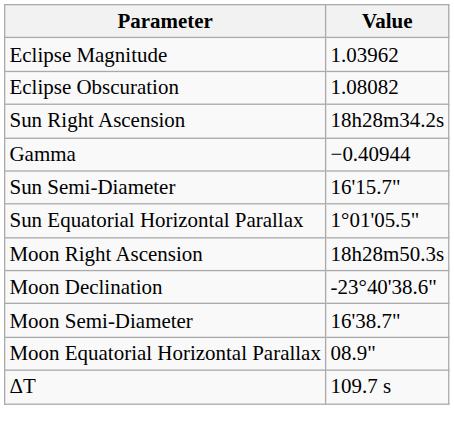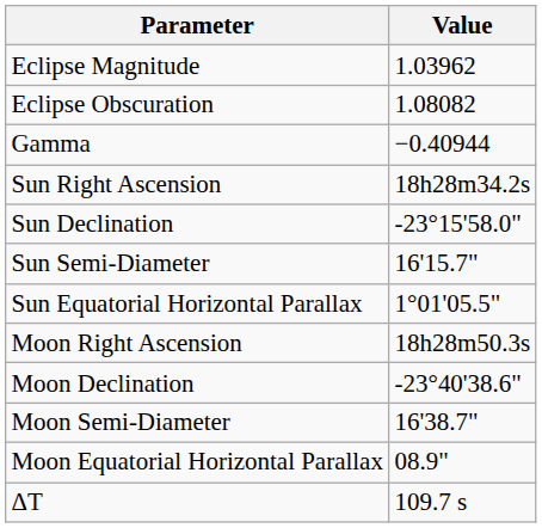 <table class="wikitable">
 <tr>
 <th>Parameter</th>
 <th>Value</th>
 </tr>
 <tr>
 <td>Eclipse Magnitude</td>
 <td>1.03962</td>
 </tr>
 <tr>
 <td>Eclipse Obscuration</td>
 <td>1.08082</td>
 </tr>
 <tr>
+<td>Gamma</td>
+<td>−0.40944</td>
+</tr>
+<tr>
 <td>Sun Right Ascension</td>
 <td>18h28m34.2s</td>
 </tr>
 <tr>
-<td>Gamma</td>
-<td>−0.40944</td>
+<td>Sun Declination</td>
+<td>-23°15'58.0"</td>
 </tr>
 <tr>
 <td>Sun Semi-Diameter</td>
 <td>16'15.7"</td>
 </tr>
 <tr>
 <td>Sun Equatorial Horizontal Parallax</td>
 <td>1°01'05.5"</td>
 </tr>
 <tr>
 <td>Moon Right Ascension</td>
 <td>18h28m50.3s</td>
 </tr>
 <tr>
 <td>Moon Declination</td>
 <td>-23°40'38.6"</td>
 </tr>
 <tr>
 <td>Moon Semi-Diameter</td>
 <td>16'38.7"</td>
 </tr>
 <tr>
 <td>Moon Equatorial Horizontal Parallax</td>
 <td>08.9"</td>
 </tr>
 <tr>
 <td>ΔT</td>
 <td>109.7 s</td>
 </tr>
 </table>
